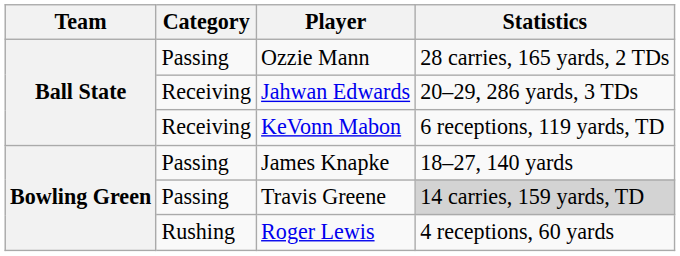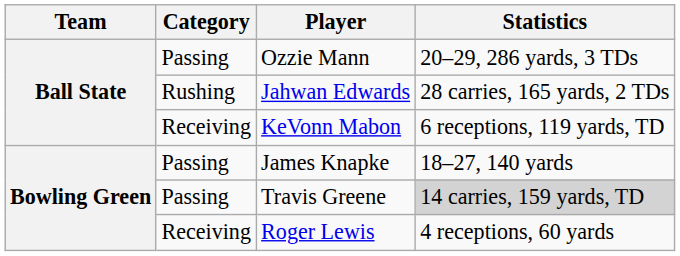 <table class="wikitable" style="float:right">
 <tr>
 <th>Team</th>
 <th>Category</th>
 <th>Player</th>
 <th>Statistics</th>
 </tr>
 <tr>
 <th rowspan=3>Ball State</th>
 <td>Passing</td>
 <td>Ozzie Mann</td>
-<td>28 carries, 165 yards, 2 TDs</td>
+<td>20–29, 286 yards, 3 TDs</td>
 </tr>
 <tr>
-<td>Receiving</td>
+<td>Rushing</td>
 <td><a href='#'>Jahwan Edwards</a></td>
-<td>20–29, 286 yards, 3 TDs</td>
+<td>28 carries, 165 yards, 2 TDs</td>
 </tr>
 <tr>
 <td>Receiving</td>
 <td><a href='#'>KeVonn Mabon</a></td>
 <td>6 receptions, 119 yards, TD</td>
 </tr>
 <tr>
 <th rowspan=3>Bowling Green</th>
 <td>Passing</td>
 <td>James Knapke</td>
 <td>18–27, 140 yards</td>
 </tr>
 <tr>
 <td>Passing</td>
 <td>Travis Greene</td>
 <td style="background: lightgrey;">14 carries, 159 yards, TD</td>
 </tr>
 <tr>
-<td>Rushing</td>
+<td>Receiving</td>
 <td><a href='#'>Roger Lewis</a></td>
 <td>4 receptions, 60 yards</td>
 </tr>
 </table>
